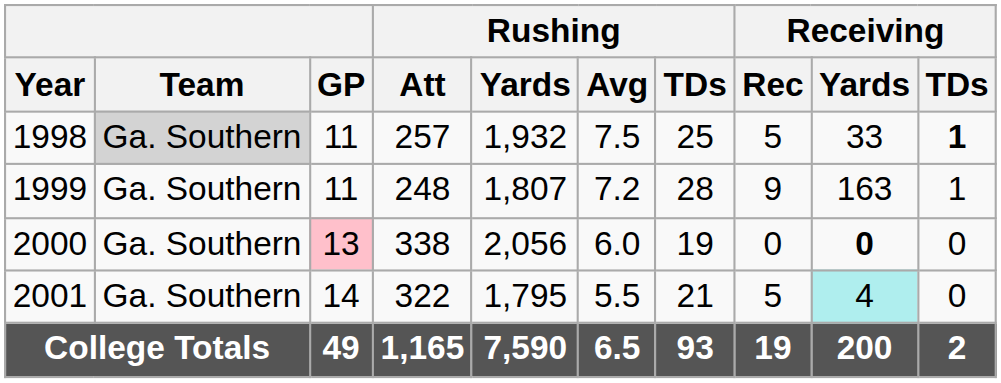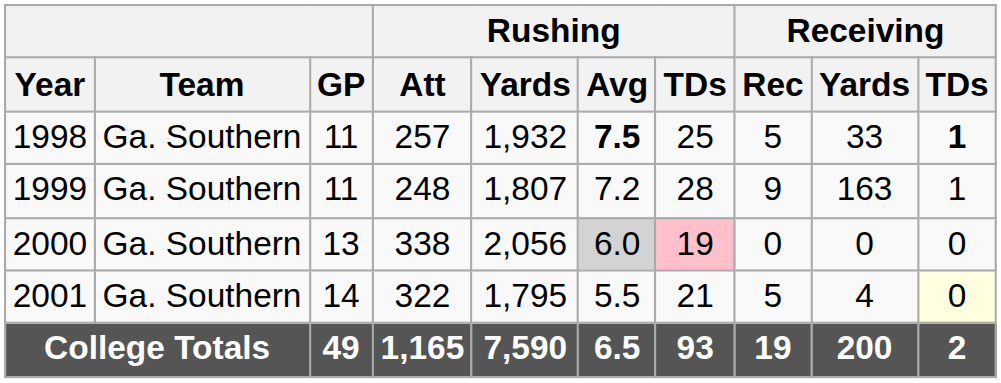 <table class="wikitable" style="text-align:center;">
 <tr>
 <th colspan=3></th>
 <th colspan=4>Rushing</th>
 <th colspan=3>Receiving</th>
 </tr>
 <tr>
 <th>Year</th>
 <th>Team</th>
 <th>GP</th>
 <th>Att</th>
 <th>Yards</th>
 <th>Avg</th>
 <th>TDs</th>
 <th>Rec</th>
 <th>Yards</th>
 <th>TDs</th>
 </tr>
 <tr>
 <td>1998</td>
-<td style="background: lightgrey;">Ga. Southern</td>
+<td>Ga. Southern</td>
 <td>11</td>
 <td>257</td>
 <td>1,932</td>
-<td>7.5</td>
+<td><strong>7.5</strong></td>
 <td>25</td>
 <td>5</td>
 <td>33</td>
 <td><strong>1</strong></td>
 </tr>
 <tr>
 <td>1999</td>
 <td>Ga. Southern</td>
 <td>11</td>
 <td>248</td>
 <td>1,807</td>
 <td>7.2</td>
 <td>28</td>
 <td>9</td>
 <td>163</td>
 <td>1</td>
 </tr>
 <tr>
 <td>2000</td>
 <td>Ga. Southern</td>
-<td style="background: pink;">13</td>
+<td>13</td>
 <td>338</td>
 <td>2,056</td>
-<td>6.0</td>
-<td>19</td>
+<td style="background: lightgrey;">6.0</td>
+<td style="background: pink;">19</td>
 <td>0</td>
-<td><strong>0</strong></td>
+<td>0</td>
 <td>0</td>
 </tr>
 <tr>
 <td>2001</td>
 <td>Ga. Southern</td>
 <td>14</td>
 <td>322</td>
 <td>1,795</td>
 <td>5.5</td>
 <td>21</td>
 <td>5</td>
-<td style="background: paleturquoise;">4</td>
-<td>0</td>
+<td>4</td>
+<td style="background: lightyellow;">0</td>
 </tr>
 <tr style="background:#555; font-weight:bold; color:white;">
 <td colspan=2>College Totals</td>
 <td>49</td>
 <td>1,165</td>
 <td>7,590</td>
 <td>6.5</td>
 <td>93</td>
 <td>19</td>
 <td>200</td>
 <td>2</td>
 </tr>
 </table>
